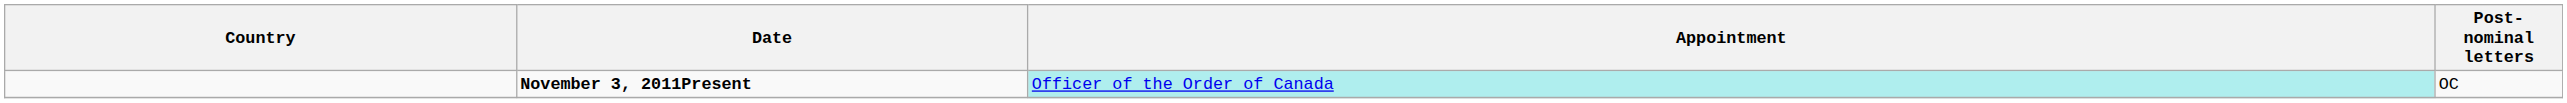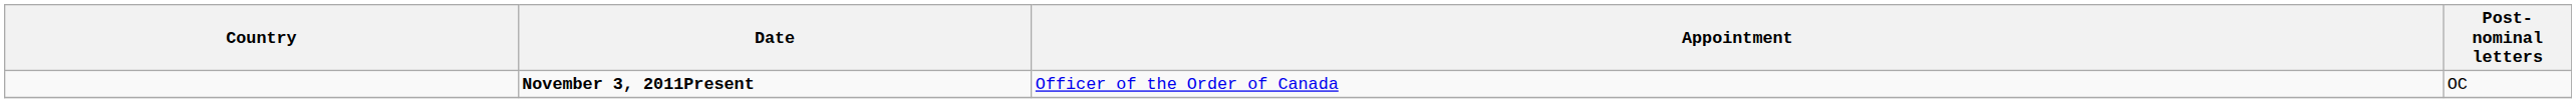 <table class="wikitable" style="width:100%;">
 <tr>
 <th style="width:20%;">Country</th>
 <th style="width:20%;">Date</th>
 <th style="width:55%;">Appointment</th>
 <th style="width:5%;">Post-nominal letters</th>
 </tr>
 <tr>
 <td></td>
 <td><strong>November 3, 2011Present</strong></td>
-<td style="background: paleturquoise;"><a href='#'>Officer of the Order of Canada</a></td>
+<td><a href='#'>Officer of the Order of Canada</a></td>
 <td>OC</td>
 </tr>
 <tr>
 </tr>
 </table>
